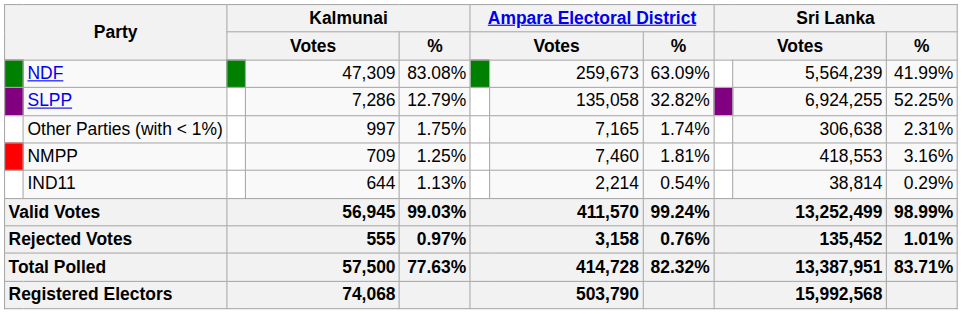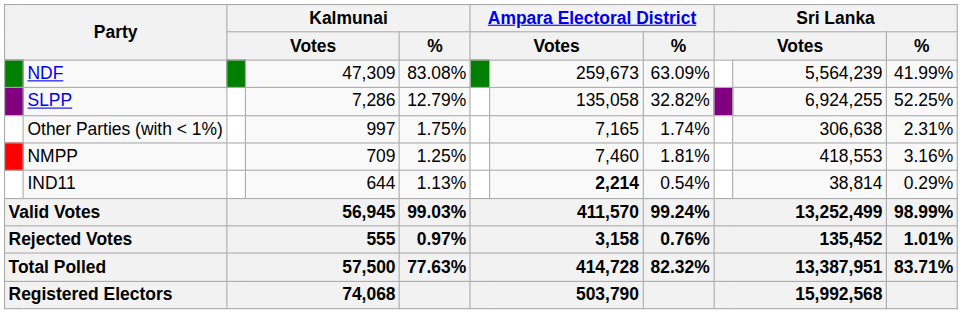 <table class="wikitable">
 <tr>
 <th colspan="2" width="144px"rowspan="2">Party</th>
 <th colspan="3" width="216px">Kalmunai</th>
 <th colspan="3" width="216px"><a href='#'>Ampara Electoral District</a></th>
 <th colspan="3" width="216px">Sri Lanka</th>
 </tr>
 <tr>
 <th colspan="2" width="144px">Votes</th>
 <th>%</th>
 <th colspan="2" width="144px">Votes</th>
 <th>%</th>
 <th colspan="2" width="144px">Votes</th>
 <th>%</th>
 </tr>
 <tr>
 <td style="background-color:green;" width="10px"></td>
 <td style="text-align:left;"><a href='#'>NDF</a></td>
 <td style="background-color:green;" width="10px"></td>
 <td style="text-align:right;">47,309</td>
 <td style="text-align:right;">83.08%</td>
 <td style="background-color:green;" width="10px"></td>
 <td style="text-align:right;">259,673</td>
 <td style="text-align:right;">63.09%</td>
 <td style="background-color:white;" width="10px"></td>
 <td style="text-align:right;">5,564,239</td>
 <td style="text-align:right;">41.99%</td>
 </tr>
 <tr>
 <td style="background-color:purple;" width="10px"></td>
 <td style="text-align:left;"><a href='#'>SLPP</a></td>
 <td style="background-color:white;" width="10px"></td>
 <td style="text-align:right;">7,286</td>
 <td style="text-align:right;">12.79%</td>
 <td style="background-color:white;" width="10px"></td>
 <td style="text-align:right;">135,058</td>
 <td style="text-align:right;">32.82%</td>
 <td style="background-color:purple;" width="10px"></td>
 <td style="text-align:right;">6,924,255</td>
 <td style="text-align:right;">52.25%</td>
 </tr>
 <tr>
 <td style="background-color:white;" width="10px"></td>
 <td style="text-align:left;">Other Parties (with < 1%)</td>
 <td style="background-color:white;" width="10px"></td>
 <td style="text-align:right;">997</td>
 <td style="text-align:right;">1.75%</td>
 <td style="background-color:white;" width="10px"></td>
 <td style="text-align:right;">7,165</td>
 <td style="text-align:right;">1.74%</td>
 <td style="background-color:white;" width="10px"></td>
 <td style="text-align:right;">306,638</td>
 <td style="text-align:right;">2.31%</td>
 </tr>
 <tr>
 <td style="background-color:red;" width="10px"></td>
 <td style="text-align:left;">NMPP</td>
 <td style="background-color:white;" width="10px"></td>
 <td style="text-align:right;">709</td>
 <td style="text-align:right;">1.25%</td>
 <td style="background-color:white;" width="10px"></td>
 <td style="text-align:right;">7,460</td>
 <td style="text-align:right;">1.81%</td>
 <td style="background-color:white;" width="10px"></td>
 <td style="text-align:right;">418,553</td>
 <td style="text-align:right;">3.16%</td>
 </tr>
 <tr>
 <td style="background-color:white;" width="10px"></td>
 <td style="text-align:left;">IND11</td>
 <td style="background-color:white;" width="10px"></td>
 <td style="text-align:right;">644</td>
 <td style="text-align:right;">1.13%</td>
 <td style="background-color:white;" width="10px"></td>
-<td style="text-align:right;">2,214</td>
+<td style="text-align:right;"><strong>2,214</strong></td>
 <td style="text-align:right;">0.54%</td>
 <td style="background-color:white;" width="10px"></td>
 <td style="text-align:right;">38,814</td>
 <td style="text-align:right;">0.29%</td>
 </tr>
 <tr>
 <th colspan="2" width="144px"style="text-align:left;">Valid Votes</th>
 <th style="text-align:right;"colspan="2" width="144px">56,945</th>
 <th style="text-align:right;">99.03%</th>
 <th style="text-align:right;"colspan="2" width="144px">411,570</th>
 <th style="text-align:right;">99.24%</th>
 <th style="text-align:right;"colspan="2" width="144px">13,252,499</th>
 <th style="text-align:right;">98.99%</th>
 </tr>
 <tr>
 <th colspan="2" width="144px"style="text-align:left;">Rejected Votes</th>
 <th style="text-align:right;"colspan="2" width="144px">555</th>
 <th style="text-align:right;">0.97%</th>
 <th style="text-align:right;"colspan="2" width="144px">3,158</th>
 <th style="text-align:right;">0.76%</th>
 <th style="text-align:right;"colspan="2" width="144px">135,452</th>
 <th style="text-align:right;">1.01%</th>
 </tr>
 <tr>
 <th colspan="2" width="144px"style="text-align:left;">Total Polled</th>
 <th style="text-align:right;"colspan="2" width="144px">57,500</th>
 <th style="text-align:right;">77.63%</th>
 <th style="text-align:right;"colspan="2" width="144px">414,728</th>
 <th style="text-align:right;">82.32%</th>
 <th style="text-align:right;"colspan="2" width="144px">13,387,951</th>
 <th style="text-align:right;">83.71%</th>
 </tr>
 <tr>
 <th colspan="2" width="144px"style="text-align:left;">Registered Electors</th>
 <th style="text-align:right;"colspan="2" width="144px">74,068</th>
 <th></th>
 <th style="text-align:right;"colspan="2" width="144px">503,790</th>
 <th></th>
 <th style="text-align:right;"colspan="2" width="144px">15,992,568</th>
 <th></th>
 </tr>
 </table>
